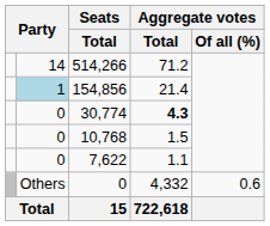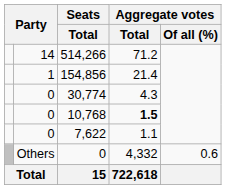 <table class="wikitable" style="text-align:right; font-size:95%;">
 <tr>
 <th colspan="2" rowspan="2">Party</th>
 <th>Seats</th>
 <th colspan="2">Aggregate votes</th>
 </tr>
 <tr>
 <th>Total</th>
 <th>Total</th>
 <th>Of all (%)</th>
 </tr>
 <tr>
 <td></td>
 <td>14</td>
 <td>514,266</td>
 <td>71.2</td>
 </tr>
 <tr>
 <td></td>
-<td style="background: lightblue;">1</td>
+<td>1</td>
 <td>154,856</td>
 <td>21.4</td>
 </tr>
 <tr>
 <td></td>
 <td>0</td>
 <td>30,774</td>
-<td><strong>4.3</strong></td>
+<td>4.3</td>
 </tr>
 <tr>
 <td></td>
 <td>0</td>
 <td>10,768</td>
-<td>1.5</td>
+<td><strong>1.5</strong></td>
 </tr>
 <tr>
 <td></td>
 <td>0</td>
 <td>7,622</td>
 <td>1.1</td>
 </tr>
 <tr>
 <td style="background:silver;"> </td>
 <td align=left>Others</td>
 <td>0</td>
 <td>4,332</td>
 <td>0.6</td>
 </tr>
 <tr>
 <th colspan="2" style="background:#f2f2f2"><strong>Total</strong></th>
 <td style="background:#f2f2f2;"><strong>15</strong></td>
 <td style="background:#f2f2f2;"><strong>722,618</strong></td>
 <td style="background:#f2f2f2;"></td>
 </tr>
 </table>
